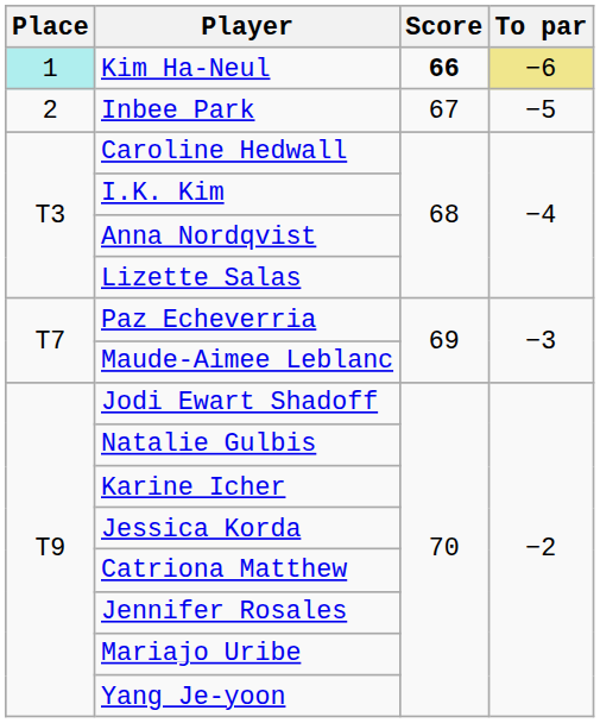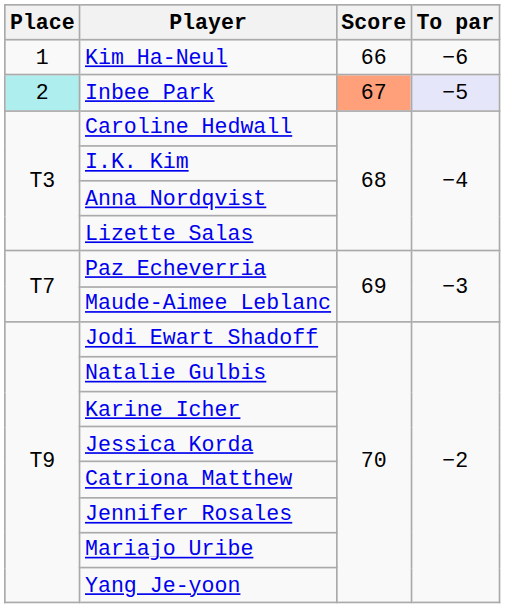 <table class="wikitable">
 <tr>
 <th>Place</th>
 <th>Player</th>
 <th>Score</th>
 <th>To par</th>
 </tr>
 <tr>
-<td align=center style="background: paleturquoise;">1</td>
+<td align=center>1</td>
 <td> <a href='#'>Kim Ha-Neul</a></td>
-<td align=center><strong>66</strong></td>
-<td align=center style="background: khaki;">−6</td>
+<td align=center>66</td>
+<td align=center>−6</td>
 </tr>
 <tr>
-<td align=center>2</td>
+<td align=center style="background: paleturquoise;">2</td>
 <td> <a href='#'>Inbee Park</a></td>
-<td align=center>67</td>
-<td align=center>−5</td>
+<td align=center style="background: lightsalmon;">67</td>
+<td align=center style="background: lavender;">−5</td>
 </tr>
 <tr>
 <td align=center rowspan=4>T3</td>
 <td> <a href='#'>Caroline Hedwall</a></td>
 <td align=center rowspan=4>68</td>
 <td align=center rowspan=4>−4</td>
 </tr>
 <tr>
 <td> <a href='#'>I.K. Kim</a></td>
 </tr>
 <tr>
 <td> <a href='#'>Anna Nordqvist</a></td>
 </tr>
 <tr>
 <td> <a href='#'>Lizette Salas</a></td>
 </tr>
 <tr>
 <td align=center rowspan=2>T7</td>
 <td> <a href='#'>Paz Echeverria</a></td>
 <td align=center rowspan=2>69</td>
 <td align=center rowspan=2>−3</td>
 </tr>
 <tr>
 <td> <a href='#'>Maude-Aimee Leblanc</a></td>
 </tr>
 <tr>
 <td align=center rowspan=8>T9</td>
 <td> <a href='#'>Jodi Ewart Shadoff</a></td>
 <td align=center rowspan=8>70</td>
 <td align=center rowspan=8>−2</td>
 </tr>
 <tr>
 <td> <a href='#'>Natalie Gulbis</a></td>
 </tr>
 <tr>
 <td> <a href='#'>Karine Icher</a></td>
 </tr>
 <tr>
 <td> <a href='#'>Jessica Korda</a></td>
 </tr>
 <tr>
 <td> <a href='#'>Catriona Matthew</a></td>
 </tr>
 <tr>
 <td> <a href='#'>Jennifer Rosales</a></td>
 </tr>
 <tr>
 <td> <a href='#'>Mariajo Uribe</a></td>
 </tr>
 <tr>
 <td> <a href='#'>Yang Je-yoon</a></td>
 </tr>
 </table>
